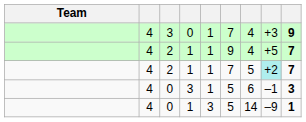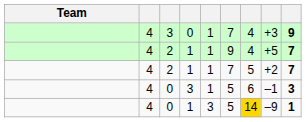 <table class="wikitable" style="text-align: center;">
 <tr>
 <th width="175">Team</th>
 <th width="20"></th>
 <th width="20"></th>
 <th width="20"></th>
 <th width="20"></th>
 <th width="20"></th>
 <th width="20"></th>
 <th width="20"></th>
 <th width="20"><strong></strong></th>
 </tr>
 <tr bgcolor=#cfc>
 <td align=left></td>
 <td>4</td>
 <td>3</td>
 <td>0</td>
 <td>1</td>
 <td>7</td>
 <td>4</td>
 <td>+3</td>
 <td><strong>9</strong></td>
 </tr>
 <tr bgcolor=#cfc>
 <td align=left></td>
 <td>4</td>
 <td>2</td>
 <td>1</td>
 <td>1</td>
 <td>9</td>
 <td>4</td>
 <td>+5</td>
 <td><strong>7</strong></td>
 </tr>
 <tr>
 <td align=left></td>
 <td>4</td>
 <td>2</td>
 <td>1</td>
 <td>1</td>
 <td>7</td>
 <td>5</td>
-<td style="background: paleturquoise;">+2</td>
+<td>+2</td>
 <td><strong>7</strong></td>
 </tr>
 <tr>
 <td align=left></td>
 <td>4</td>
 <td>0</td>
 <td>3</td>
 <td>1</td>
 <td>5</td>
 <td>6</td>
 <td>–1</td>
 <td><strong>3</strong></td>
 </tr>
 <tr>
 <td align=left></td>
 <td>4</td>
 <td>0</td>
 <td>1</td>
 <td>3</td>
 <td>5</td>
-<td>14</td>
+<td style="background: gold;">14</td>
 <td>–9</td>
 <td><strong>1</strong></td>
 </tr>
 </table>
